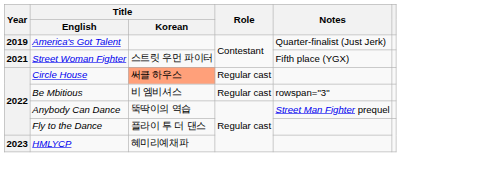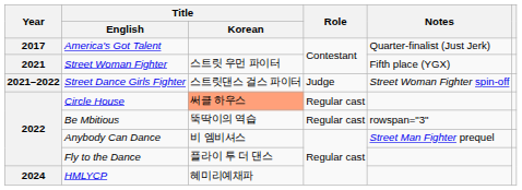 <table class="wikitable sortable plainrowheaders">
 <tr>
 <th scope="col" rowspan="2">Year</th>
 <th scope="col" colspan="2">Title</th>
 <th scope="col" rowspan="2">Role</th>
 <th scope="col" rowspan="2">Notes</th>
 <th scope="col" rowspan="2" class="unsortable"></th>
 </tr>
 <tr>
 <th scope="col">English</th>
 <th scope="col">Korean</th>
 </tr>
 <tr>
-<th scope="row">2019</th>
+<th scope="row">2017</th>
 <td><em><a href='#'>America's Got Talent</a></em></td>
 <td></td>
 <td rowspan="2">Contestant</td>
 <td>Quarter-finalist (Just Jerk)</td>
 <td style="text-align:center"></td>
 </tr>
 <tr>
 <th scope="row">2021</th>
 <td><em><a href='#'>Street Woman Fighter</a></em></td>
 <td>스트릿 우먼 파이터</td>
 <td>Fifth place (YGX)</td>
 <td style="text-align:center"></td>
 </tr>
 <tr>
+<th scope="row">2021–2022</th>
+<td><em><a href='#'>Street Dance Girls Fighter</a></em></td>
+<td>스트릿댄스 걸스 파이터</td>
+<td>Judge</td>
+<td><em>Street Woman Fighter</em> <a href='#'>spin-off</a></td>
+<td style="text-align:center"></td>
+</tr>
+<tr>
 <th scope="row" rowspan="4">2022</th>
 <td><em><a href='#'>Circle House</a></em></td>
 <td style="background: lightsalmon;">써클 하우스</td>
 <td>Regular cast</td>
 <td></td>
 <td style="text-align:center"></td>
 </tr>
 <tr>
 <td><em>Be Mbitious</em></td>
-<td>비 엠비셔스</td>
+<td>뚝딱이의 역습</td>
 <td>Regular cast</td>
 <td>rowspan="3" </td>
 <td style="text-align:center"></td>
 </tr>
 <tr>
 <td><em>Anybody Can Dance</em></td>
-<td>뚝딱이의 역습</td>
+<td>비 엠비셔스</td>
 <td rowspan="3">Regular cast</td>
 <td><em><a href='#'>Street Man Fighter</a></em> prequel</td>
 <td style="text-align:center"></td>
 </tr>
 <tr>
 <td><em>Fly to the Dance</em></td>
 <td>플라이 투 더 댄스</td>
 <td style="text-align:center"></td>
 </tr>
 <tr>
-<th scope="row">2023</th>
+<th scope="row">2024</th>
 <td><em><a href='#'>HMLYCP</a></em></td>
 <td>혜미리예채파</td>
 <td style="text-align:center"></td>
 </tr>
 </table>
